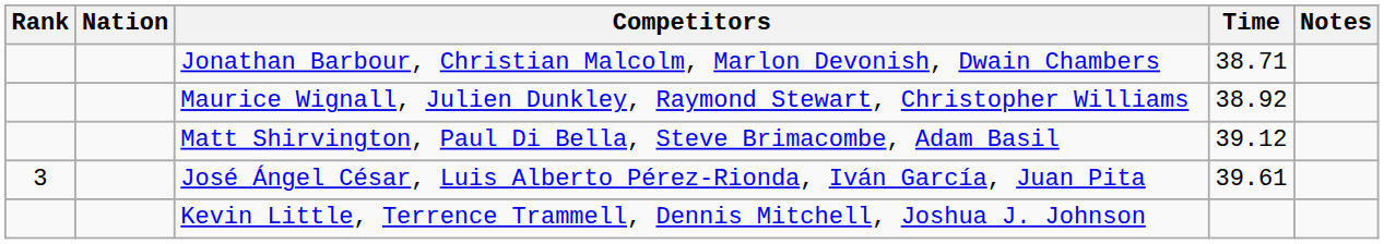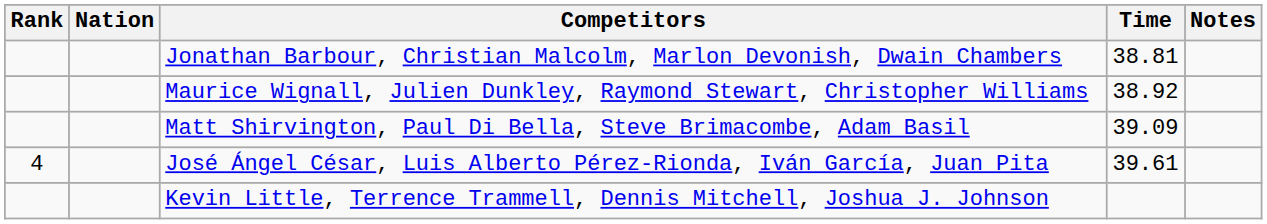 <table class="wikitable sortable" width=80% style="text-align:center; font-size:95%">
 <tr>
 <th>Rank</th>
 <th>Nation</th>
 <th>Competitors</th>
 <th>Time</th>
 <th>Notes</th>
 </tr>
 <tr>
 <td></td>
 <td align=left></td>
 <td align=left><a href='#'>Jonathan Barbour</a>, <a href='#'>Christian Malcolm</a>, <a href='#'>Marlon Devonish</a>, <a href='#'>Dwain Chambers</a></td>
-<td>38.71</td>
+<td>38.81</td>
 <td></td>
 </tr>
 <tr>
 <td></td>
 <td align=left></td>
 <td align=left><a href='#'>Maurice Wignall</a>, <a href='#'>Julien Dunkley</a>, <a href='#'>Raymond Stewart</a>, <a href='#'>Christopher Williams</a></td>
 <td>38.92</td>
 <td></td>
 </tr>
 <tr>
 <td></td>
 <td align=left></td>
 <td align=left><a href='#'>Matt Shirvington</a>, <a href='#'>Paul Di Bella</a>, <a href='#'>Steve Brimacombe</a>, <a href='#'>Adam Basil</a></td>
-<td>39.12</td>
+<td>39.09</td>
 <td></td>
 </tr>
 <tr>
-<td>3</td>
+<td>4</td>
 <td align=left></td>
 <td align=left><a href='#'>José Ángel César</a>, <a href='#'>Luis Alberto Pérez-Rionda</a>, <a href='#'>Iván García</a>, <a href='#'>Juan Pita</a></td>
 <td>39.61</td>
 <td></td>
 </tr>
 <tr>
 <td></td>
 <td align=left></td>
 <td align=left><a href='#'>Kevin Little</a>, <a href='#'>Terrence Trammell</a>, <a href='#'>Dennis Mitchell</a>, <a href='#'>Joshua J. Johnson</a></td>
 <td></td>
 <td></td>
 </tr>
 </table>
